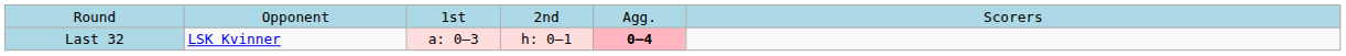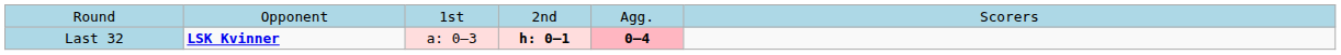 <table class="wikitable" style="text-align:center">
 <tr bgcolor=lightblue>
 <td width=160px>Round</td>
 <td width=200px>Opponent</td>
 <td width=80px>1st</td>
 <td width=80px>2nd</td>
 <td width=80px>Agg.</td>
 <td width=600px>Scorers</td>
 </tr>
 <tr>
 <td bgcolor=lightblue>Last 32</td>
-<td align=left> <a href='#'>LSK Kvinner</a></td>
+<td align=left><strong> <a href='#'>LSK Kvinner</a></strong></td>
 <td bgcolor=#ffdddd>a: 0–3</td>
-<td bgcolor=#ffdddd>h: 0–1</td>
+<td bgcolor=#ffdddd><strong>h: 0–1</strong></td>
 <td bgcolor=lightpink><strong>0–4</strong></td>
 <td></td>
 </tr>
 </table>
